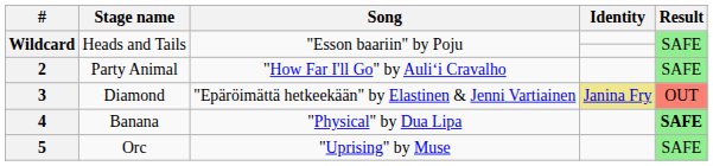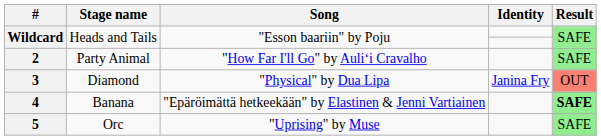 <table class="wikitable plainrowheaders" style="text-align: center;">
 <tr>
 <th>#</th>
 <th>Stage name</th>
 <th>Song</th>
 <th>Identity</th>
 <th>Result</th>
 </tr>
 <tr>
 <th rowspan="2">Wildcard</th>
 <td rowspan="2">Heads and Tails</td>
 <td rowspan="2">"Esson baariin" by Poju</td>
 <td></td>
 <td rowspan="2" bgcolor="lightgreen">SAFE</td>
 </tr>
 <tr>
 <td></td>
 </tr>
 <tr>
 <th>2</th>
 <td>Party Animal</td>
 <td>"<a href='#'>How Far I'll Go</a>" by <a href='#'>Auliʻi Cravalho</a></td>
 <td></td>
 <td bgcolor="lightgreen">SAFE</td>
 </tr>
 <tr>
 <th>3</th>
 <td>Diamond</td>
-<td>"Epäröimättä hetkeekään" by <a href='#'>Elastinen</a> & <a href='#'>Jenni Vartiainen</a></td>
-<td style="background: khaki;"><a href='#'>Janina Fry</a></td>
+<td>"<a href='#'>Physical</a>" by <a href='#'>Dua Lipa</a></td>
+<td><a href='#'>Janina Fry</a></td>
 <td bgcolor=salmon>OUT</td>
 </tr>
 <tr>
 <th>4</th>
 <td>Banana</td>
-<td>"<a href='#'>Physical</a>" by <a href='#'>Dua Lipa</a></td>
+<td>"Epäröimättä hetkeekään" by <a href='#'>Elastinen</a> & <a href='#'>Jenni Vartiainen</a></td>
 <td></td>
 <td bgcolor="lightgreen"><strong>SAFE</strong></td>
 </tr>
 <tr>
 <th>5</th>
 <td>Orc</td>
 <td>"<a href='#'>Uprising</a>" by <a href='#'>Muse</a></td>
 <td></td>
 <td bgcolor="lightgreen">SAFE</td>
 </tr>
 </table>
